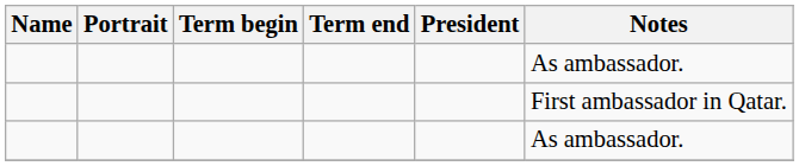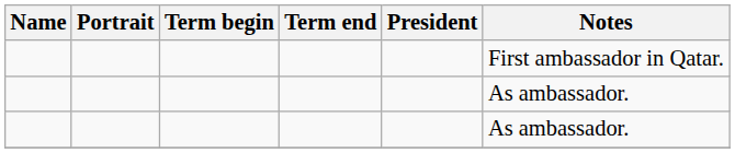 <table class="wikitable sortable"  text-align:center;">
 <tr>
 <th>Name</th>
 <th class="unsortable">Portrait</th>
 <th>Term begin</th>
 <th>Term end</th>
 <th>President</th>
 <th class="unsortable">Notes</th>
-</tr>
-<tr>
-<td></td>
-<td></td>
-<td></td>
-<td></td>
-<td></td>
-<td>As ambassador.</td>
 </tr>
 <tr>
 <td></td>
 <td></td>
 <td></td>
 <td></td>
 <td></td>
 <td>First ambassador in Qatar.</td>
 </tr>
 <tr>
 <td></td>
 <td></td>
 <td></td>
 <td></td>
 <td></td>
 <td>As ambassador.</td>
 </tr>
 <tr>
+<td></td>
+<td></td>
+<td></td>
+<td></td>
+<td></td>
+<td>As ambassador.</td>
+</tr>
+<tr>
 </tr>
 </table>
